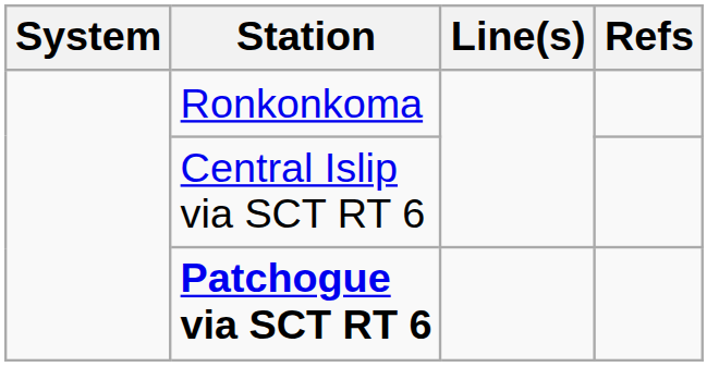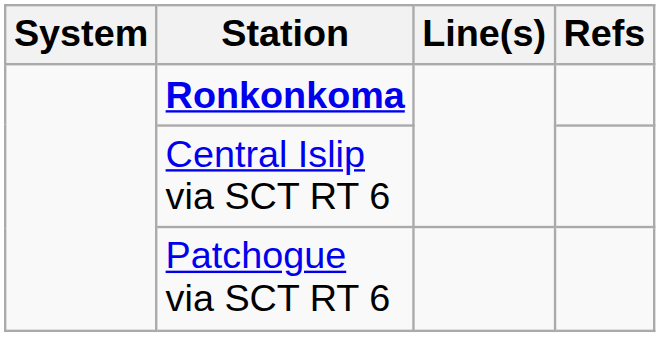 <table class="wikitable">
 <tr>
 <th> System</th>
 <th>Station</th>
 <th>Line(s)</th>
 <th>Refs</th>
 </tr>
 <tr>
 <td rowspan="3"></td>
-<td><a href='#'>Ronkonkoma</a></td>
+<td><strong><a href='#'>Ronkonkoma</a></strong></td>
 <td rowspan="2"></td>
 <td></td>
 </tr>
 <tr>
 <td><a href='#'>Central Islip</a><br>via SCT RT 6</td>
 <td></td>
 </tr>
 <tr>
-<td><strong><a href='#'>Patchogue</a><br>via SCT RT 6</strong></td>
+<td><a href='#'>Patchogue</a><br>via SCT RT 6</td>
 <td></td>
 <td></td>
 </tr>
 </table>
